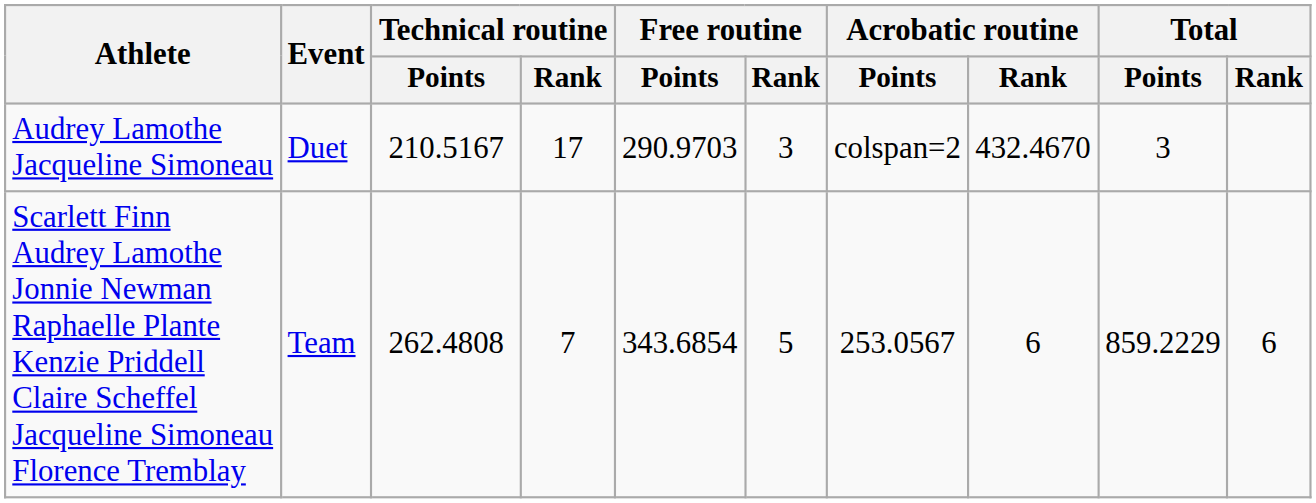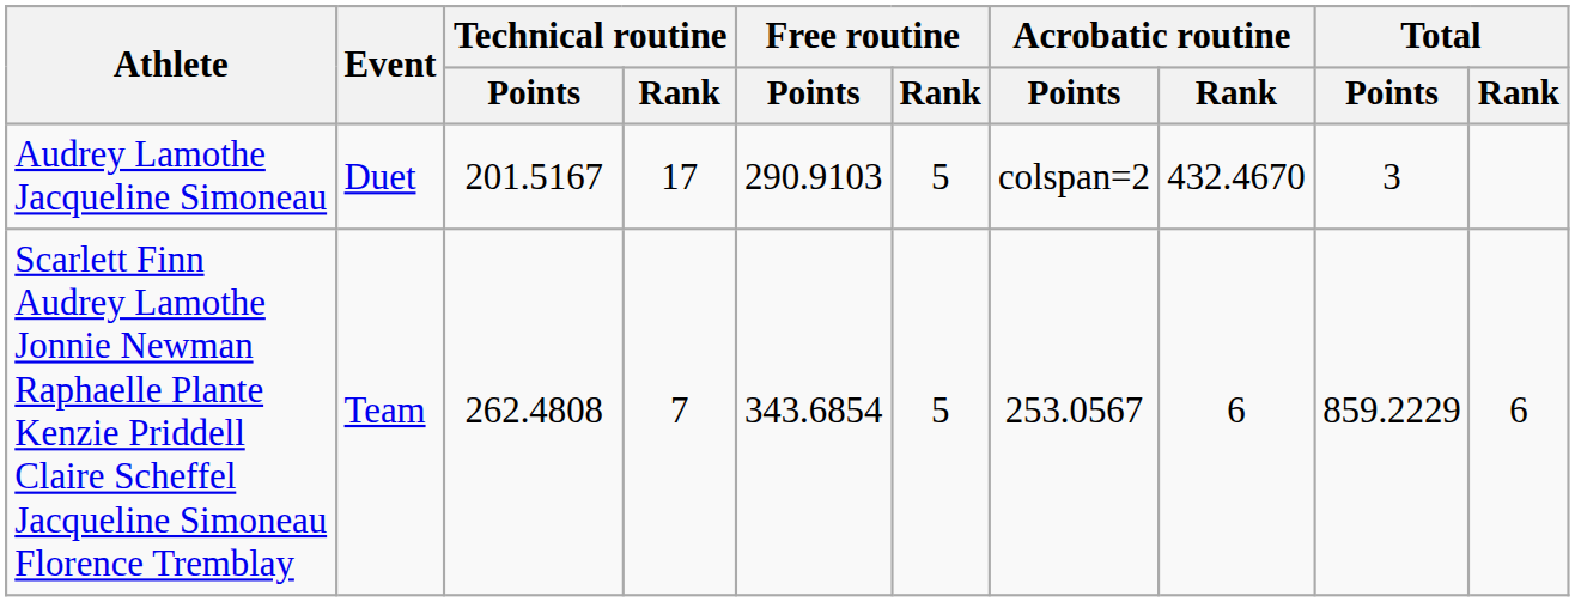 <table class=wikitable style=font-size:90%;text-align:center>
 <tr>
 <th rowspan=2>Athlete</th>
 <th rowspan=2>Event</th>
 <th colspan=2>Technical routine</th>
 <th colspan=2>Free routine</th>
 <th colspan=2>Acrobatic routine</th>
 <th colspan=2>Total</th>
 </tr>
 <tr style="font-size:95%">
 <th>Points</th>
 <th>Rank</th>
 <th>Points</th>
 <th>Rank</th>
 <th>Points</th>
 <th>Rank</th>
 <th>Points</th>
 <th>Rank</th>
 </tr>
 <tr align=center>
 <td align=left><a href='#'>Audrey Lamothe</a><br><a href='#'>Jacqueline Simoneau</a></td>
 <td align=left><a href='#'>Duet</a></td>
-<td>210.5167</td>
+<td>201.5167</td>
 <td>17</td>
-<td>290.9703</td>
-<td>3</td>
+<td>290.9103</td>
+<td>5</td>
 <td>colspan=2 </td>
 <td>432.4670</td>
 <td>3</td>
 </tr>
 <tr align=center>
 <td align=left><a href='#'>Scarlett Finn</a><br><a href='#'>Audrey Lamothe</a><br><a href='#'>Jonnie Newman</a><br><a href='#'>Raphaelle Plante</a><br><a href='#'>Kenzie Priddell</a><br><a href='#'>Claire Scheffel</a><br><a href='#'>Jacqueline Simoneau</a><br><a href='#'>Florence Tremblay</a></td>
 <td align=left><a href='#'>Team</a></td>
 <td>262.4808</td>
 <td>7</td>
 <td>343.6854</td>
 <td>5</td>
 <td>253.0567</td>
 <td>6</td>
 <td>859.2229</td>
 <td>6</td>
 </tr>
 </table>
